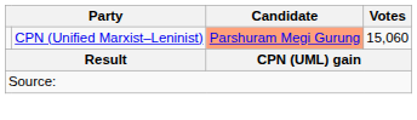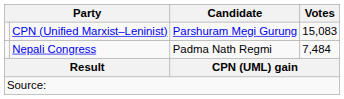 <table class="wikitable">
 <tr>
 <th colspan="2">Party</th>
 <th>Candidate</th>
 <th>Votes</th>
 </tr>
 <tr>
 <td style="background-color:"></td>
 <td><a href='#'>CPN (Unified Marxist–Leninist)</a></td>
-<td style="background: lightsalmon;"><a href='#'>Parshuram Megi Gurung</a></td>
-<td>15,060</td>
+<td><a href='#'>Parshuram Megi Gurung</a></td>
+<td>15,083</td>
+</tr>
+<tr>
+<td style="background-color:"></td>
+<td><a href='#'>Nepali Congress</a></td>
+<td>Padma Nath Regmi</td>
+<td>7,484</td>
 </tr>
 <tr>
 <th colspan="2">Result</th>
 <th colspan="2">CPN (UML) gain</th>
 </tr>
 <tr>
 <td colspan="4">Source: </td>
 </tr>
 </table>
